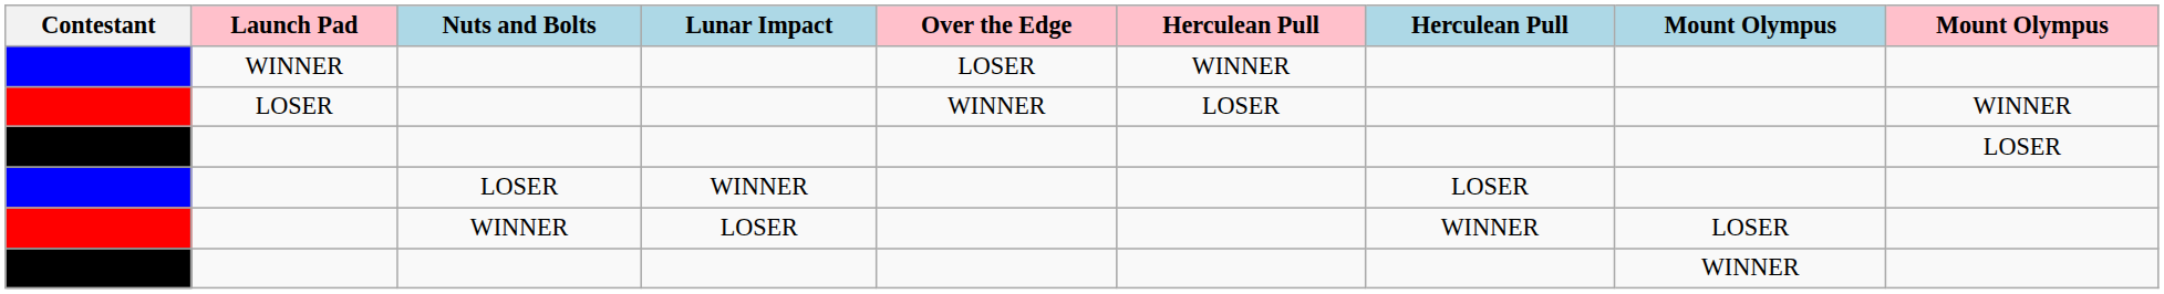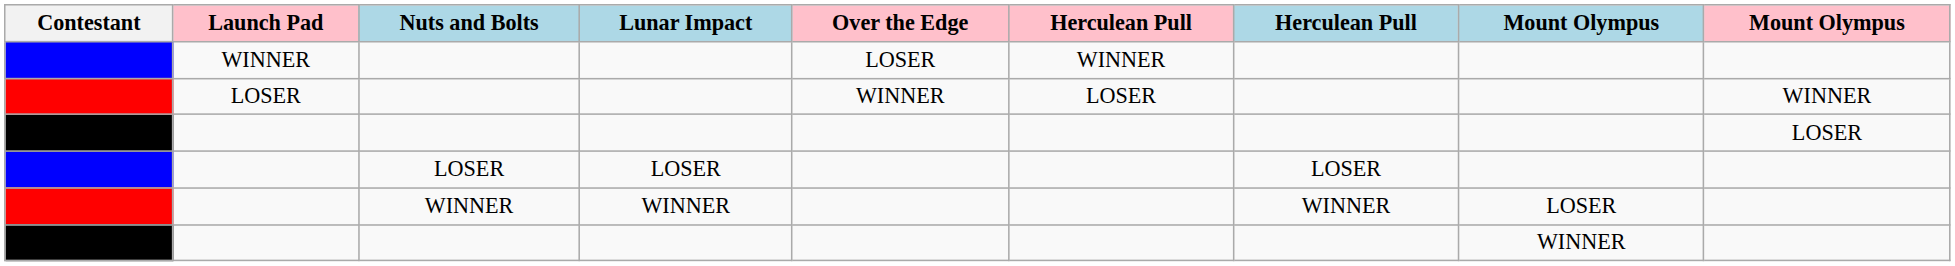 <table class="wikitable" style="text-align:center; font-size:90%; width:100%">
 <tr>
 <th>Contestant</th>
 <th style="background:pink;">Launch Pad</th>
 <th style="background:lightblue;">Nuts and Bolts</th>
 <th style="background:lightblue;">Lunar Impact</th>
 <th style="background:pink;">Over the Edge</th>
 <th style="background:pink;">Herculean Pull</th>
 <th style="background:lightblue;">Herculean Pull</th>
 <th style="background:lightblue;">Mount Olympus</th>
 <th style="background:pink;">Mount Olympus</th>
 </tr>
 <tr>
 <td style="background:blue;"></td>
 <td>WINNER</td>
 <td></td>
 <td></td>
 <td>LOSER</td>
 <td>WINNER</td>
 <td></td>
 <td></td>
 <td></td>
 </tr>
 <tr>
 <td style="background:red;"></td>
 <td>LOSER</td>
 <td></td>
 <td></td>
 <td>WINNER</td>
 <td>LOSER</td>
 <td></td>
 <td></td>
 <td>WINNER</td>
 </tr>
 <tr>
 <td style="background:black;"></td>
 <td></td>
 <td></td>
 <td></td>
 <td></td>
 <td></td>
 <td></td>
 <td></td>
 <td>LOSER</td>
 </tr>
 <tr>
 <td style="background:blue;"></td>
 <td></td>
 <td>LOSER</td>
-<td>WINNER</td>
+<td>LOSER</td>
 <td></td>
 <td></td>
 <td>LOSER</td>
 <td></td>
 <td></td>
 </tr>
 <tr>
 <td style="background:red;"></td>
 <td></td>
 <td>WINNER</td>
-<td>LOSER</td>
+<td>WINNER</td>
 <td></td>
 <td></td>
 <td>WINNER</td>
 <td>LOSER</td>
 <td></td>
 </tr>
 <tr>
 <td style="background:black;"></td>
 <td></td>
 <td></td>
 <td></td>
 <td></td>
 <td></td>
 <td></td>
 <td>WINNER</td>
 <td></td>
 </tr>
 </table>
